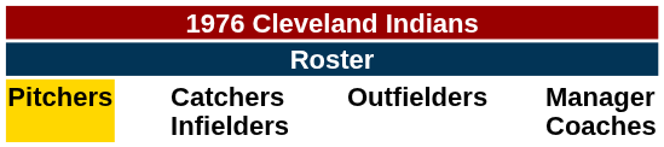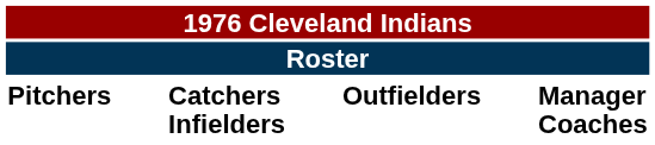 <table class="toccolours" style="font-size: 95%;">
 <tr>
 <th colspan="10" style="background-color: #990000; color: white; text-align: center;">1976 Cleveland Indians</th>
 </tr>
 <tr>
 <td colspan="10" style="background-color: #023456; color: white; text-align: center;"><strong>Roster</strong></td>
 </tr>
 <tr>
-<td valign="top" style="background: gold;"><strong>Pitchers</strong><br>            </td>
+<td valign="top"><strong>Pitchers</strong><br>            </td>
 <td width="25px"></td>
 <td valign="top"><strong>Catchers</strong><br>   <strong>Infielders</strong>            </td>
 <td width="25px"></td>
 <td valign="top"><strong>Outfielders</strong><br>     </td>
 <td width="25px"></td>
 <td valign="top"><strong>Manager</strong><br> <strong>Coaches</strong>        </td>
 </tr>
 </table>
